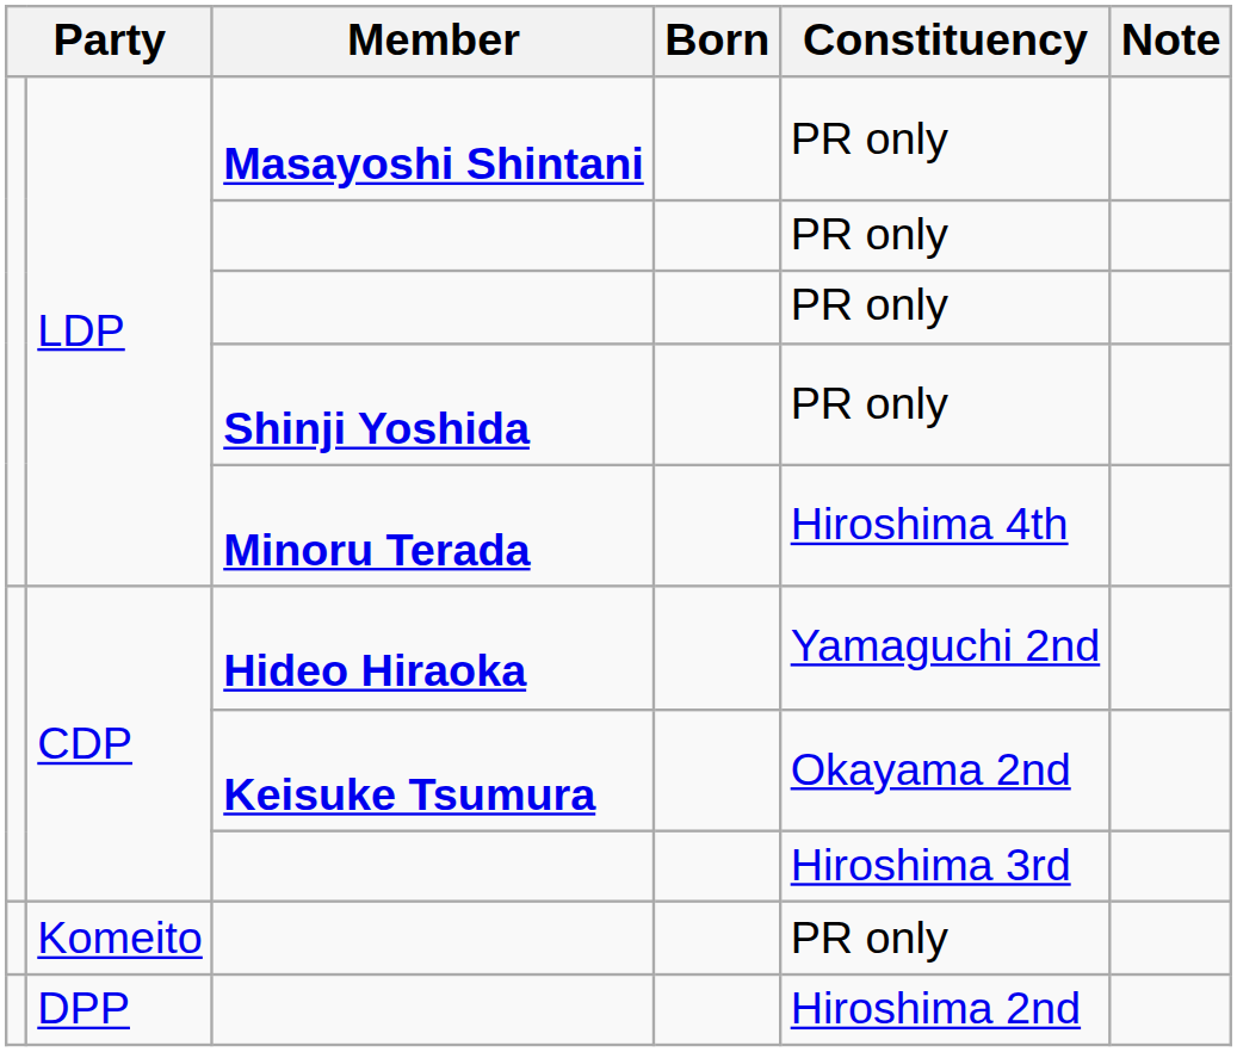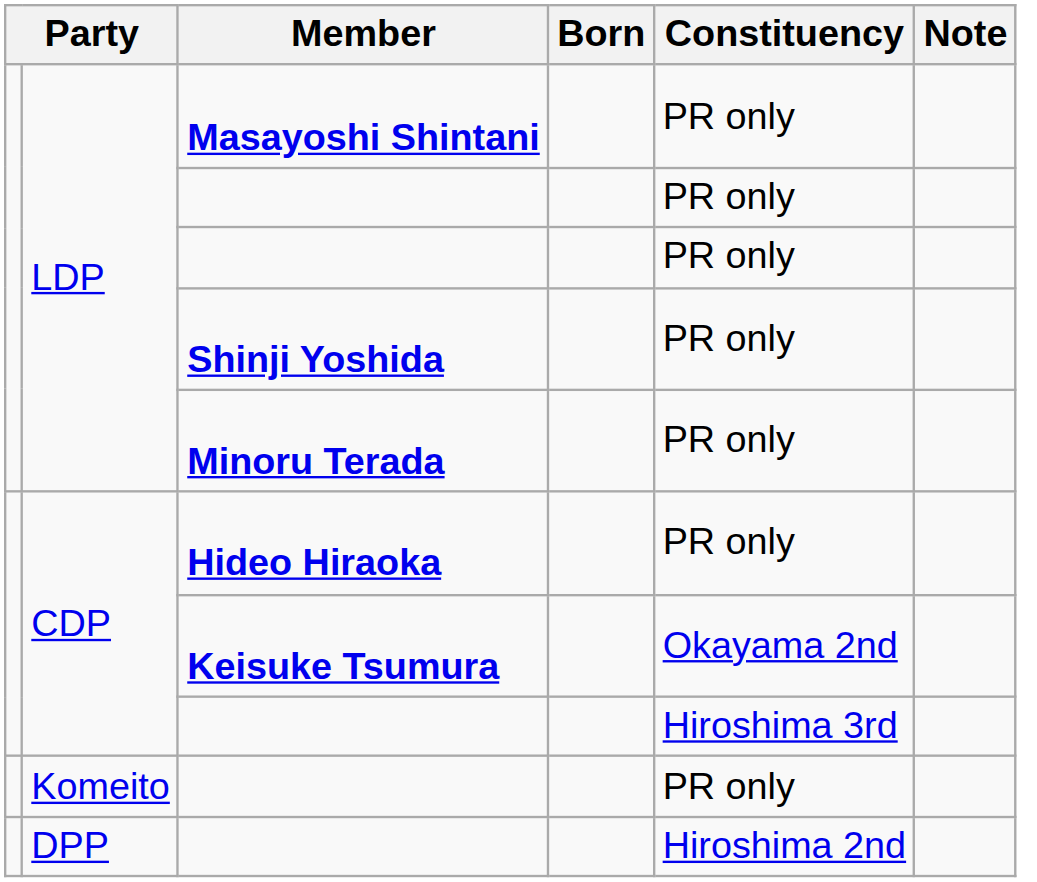 <table class="wikitable">
 <tr>
 <th colspan=2>Party</th>
 <th>Member</th>
 <th>Born</th>
 <th>Constituency</th>
 <th>Note</th>
 </tr>
 <tr>
 <td rowspan=5 style="background-color:"></td>
 <td rowspan=5><a href='#'>LDP</a></td>
 <td><br><strong><a href='#'>Masayoshi Shintani</a></strong></td>
 <td></td>
 <td>PR only</td>
 <td></td>
 </tr>
 <tr>
 <td><br><strong></strong></td>
 <td></td>
 <td>PR only</td>
 <td></td>
 </tr>
 <tr>
 <td><br><strong></strong></td>
 <td></td>
 <td>PR only</td>
 <td></td>
 </tr>
 <tr>
 <td><br><strong><a href='#'>Shinji Yoshida</a></strong></td>
 <td></td>
 <td>PR only</td>
 <td></td>
 </tr>
 <tr>
 <td><br><strong><a href='#'>Minoru Terada</a></strong></td>
 <td></td>
-<td><a href='#'>Hiroshima 4th</a></td>
+<td>PR only</td>
 <td></td>
 </tr>
 <tr>
 <td rowspan=3 style="background-color:"></td>
 <td rowspan=3><a href='#'>CDP</a></td>
 <td><br><strong><a href='#'>Hideo Hiraoka</a></strong></td>
 <td></td>
-<td><a href='#'>Yamaguchi 2nd</a></td>
+<td>PR only</td>
 <td></td>
 </tr>
 <tr>
 <td><br><strong><a href='#'>Keisuke Tsumura</a></strong></td>
 <td></td>
 <td><a href='#'>Okayama 2nd</a></td>
 <td></td>
 </tr>
 <tr>
 <td><strong></strong></td>
 <td></td>
 <td><a href='#'>Hiroshima 3rd</a></td>
 <td></td>
 </tr>
 <tr>
 <td style="background-color:"></td>
 <td><a href='#'>Komeito</a></td>
 <td><strong></strong></td>
 <td></td>
 <td>PR only</td>
 <td></td>
 </tr>
 <tr>
 <td style="background-color:"></td>
 <td><a href='#'>DPP</a></td>
 <td><strong></strong></td>
 <td></td>
 <td><a href='#'>Hiroshima 2nd</a></td>
 <td></td>
 </tr>
 </table>
